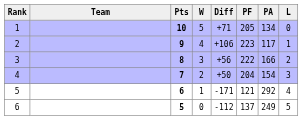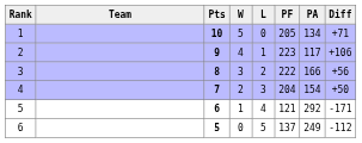 <table style=border-collapse:collapse border=1 cellspacing=0 cellpadding=5>
 <tr align=center bgcolor=#efefef>
 <th width=20>Rank</th>
 <th width=220>Team</th>
 <th width=20>Pts</th>
 <th width=20>W</th>
-<th width=20>Diff</th>
+<th width=20>L</th>
 <th width=20>PF</th>
 <th width=20>PA</th>
-<th width=20>L</th>
+<th width=20>Diff</th>
 </tr>
 <tr align=center bgcolor="#BBBBFF">
 <td>1</td>
 <td align=left></td>
 <td><strong>10</strong></td>
 <td>5</td>
-<td>+71</td>
+<td>0</td>
 <td>205</td>
 <td>134</td>
-<td>0</td>
+<td>+71</td>
 </tr>
 <tr align=center bgcolor="#BBBBFF">
 <td>2</td>
 <td align=left></td>
 <td><strong>9</strong></td>
 <td>4</td>
-<td>+106</td>
+<td>1</td>
 <td>223</td>
 <td>117</td>
-<td>1</td>
+<td>+106</td>
 </tr>
 <tr align=center bgcolor="#BBBBFF">
 <td>3</td>
 <td align=left></td>
 <td><strong>8</strong></td>
 <td>3</td>
-<td>+56</td>
+<td>2</td>
 <td>222</td>
 <td>166</td>
-<td>2</td>
+<td>+56</td>
 </tr>
 <tr align=center bgcolor="#BBBBFF">
 <td>4</td>
 <td align=left></td>
 <td><strong>7</strong></td>
 <td>2</td>
-<td>+50</td>
+<td>3</td>
 <td>204</td>
 <td>154</td>
-<td>3</td>
+<td>+50</td>
 </tr>
 <tr align=center>
 <td>5</td>
 <td align=left></td>
 <td><strong>6</strong></td>
 <td>1</td>
-<td>-171</td>
+<td>4</td>
 <td>121</td>
 <td>292</td>
-<td>4</td>
+<td>-171</td>
 </tr>
 <tr align=center>
 <td>6</td>
 <td align=left></td>
 <td><strong>5</strong></td>
 <td>0</td>
-<td>-112</td>
+<td>5</td>
 <td>137</td>
 <td>249</td>
-<td>5</td>
+<td>-112</td>
 </tr>
 </table>
